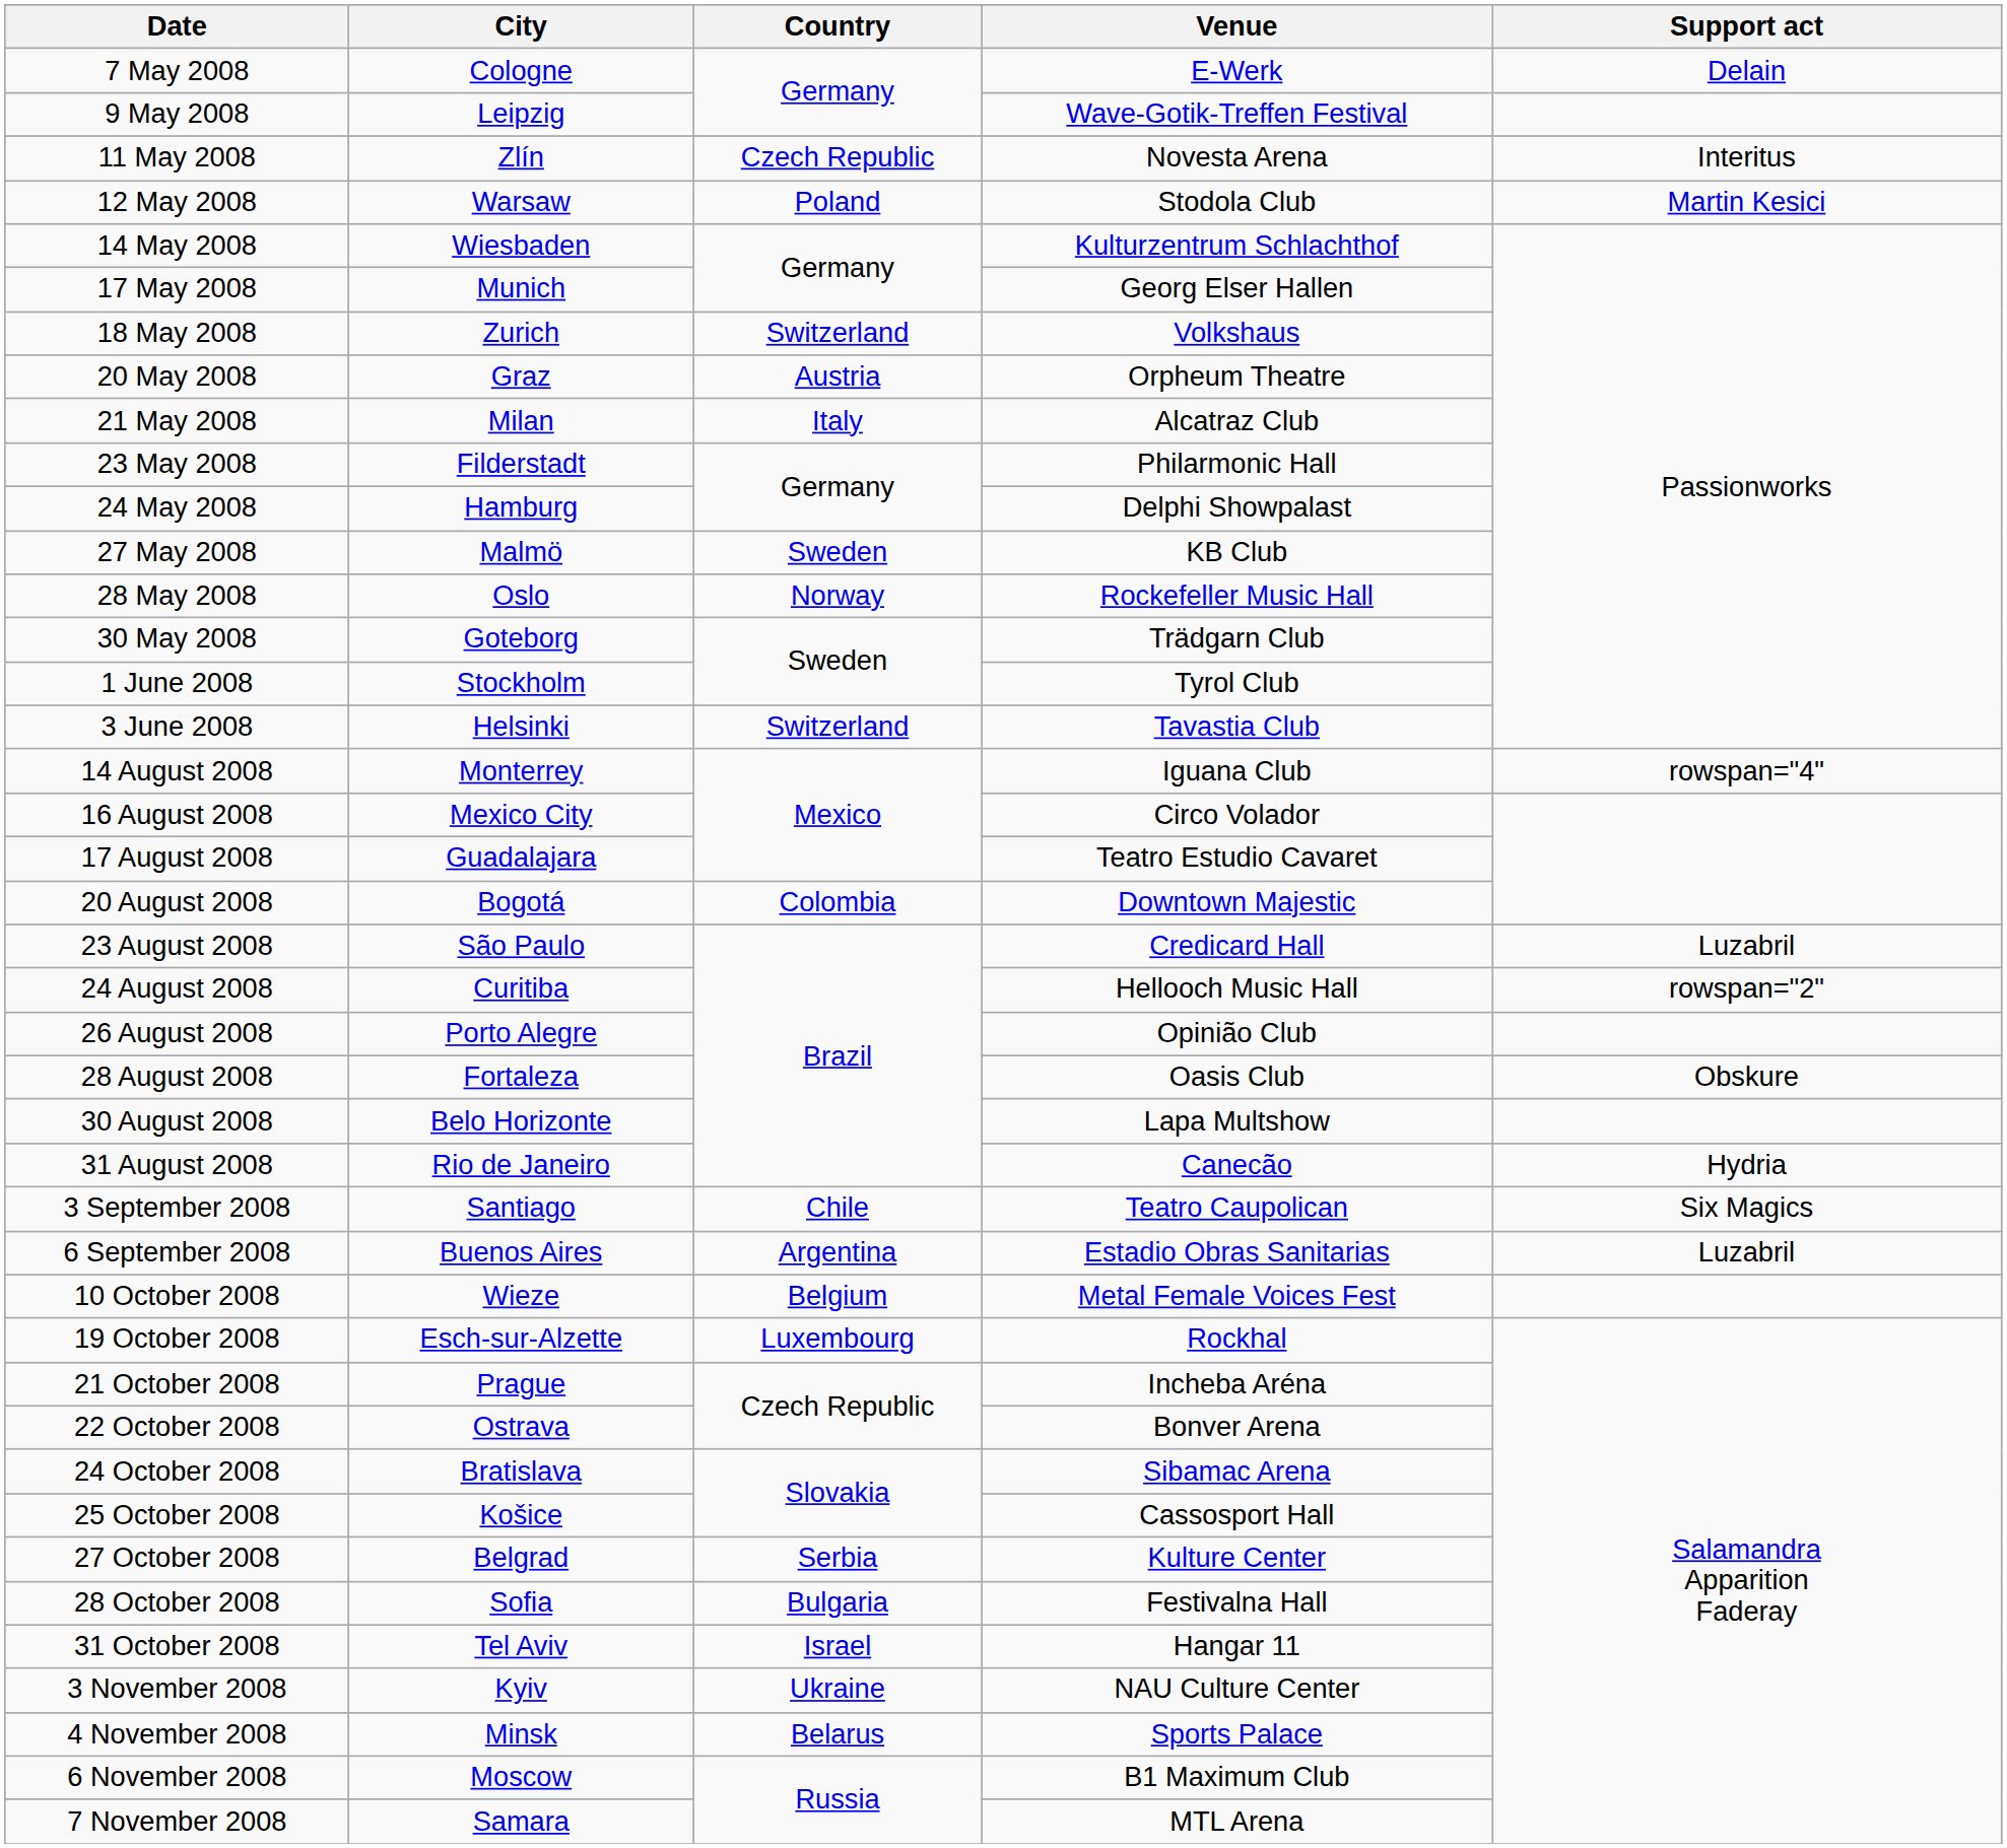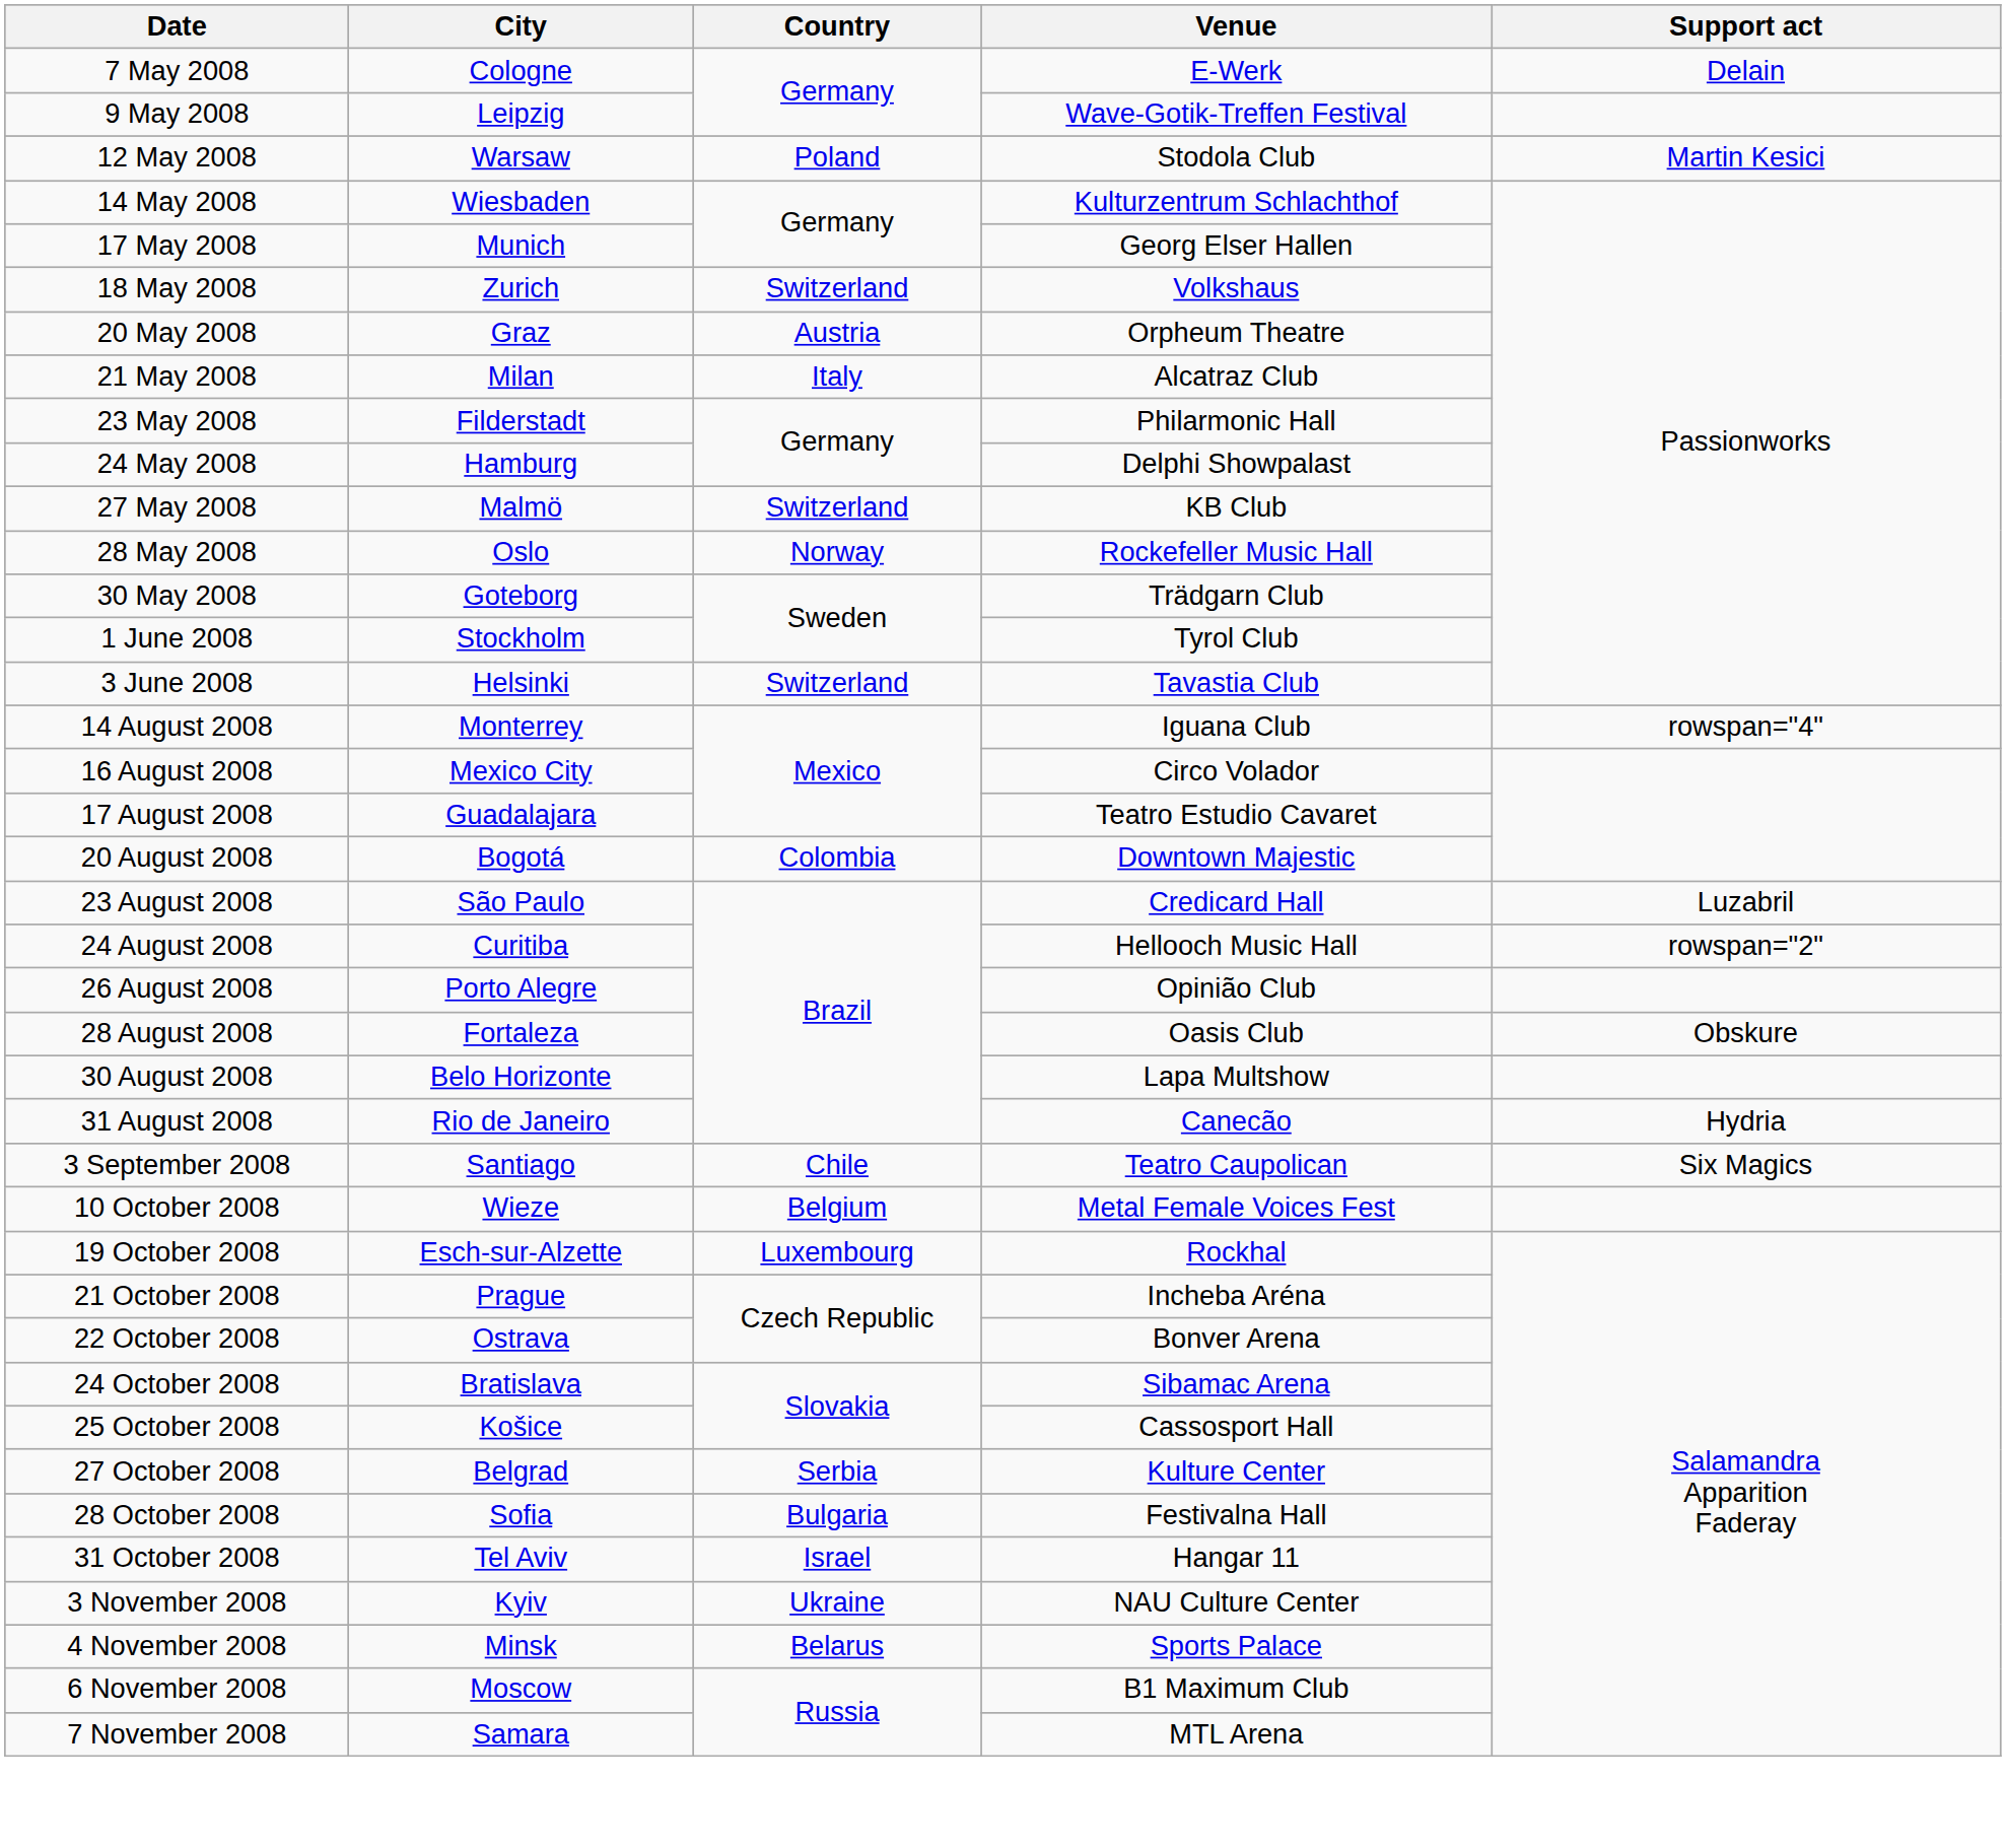 <table class="wikitable plainrowheaders" style="text-align:center;">
 <tr>
 <th scope="col" style="width:12em;">Date</th>
 <th scope="col" style="width:12em;">City</th>
 <th scope="col" style="width:10em;">Country</th>
 <th scope="col" style="width:18em;">Venue</th>
 <th scope="col" style="width:18em;">Support act</th>
 </tr>
 <tr>
 <td style="text-align:center">7 May 2008</td>
 <td style="text-align:center"><a href='#'>Cologne</a></td>
 <td style="text-align:center" rowspan="2"><a href='#'>Germany</a></td>
 <td style="text-align:center"><a href='#'>E-Werk</a></td>
 <td style="text-align:center"><a href='#'>Delain</a></td>
 </tr>
 <tr>
 <td style="text-align:center">9 May 2008</td>
 <td style="text-align:center"><a href='#'>Leipzig</a></td>
 <td style="text-align:center"><a href='#'>Wave-Gotik-Treffen Festival</a></td>
 <td></td>
-</tr>
-<tr>
-<td style="text-align:center">11 May 2008</td>
-<td style="text-align:center"><a href='#'>Zlín</a></td>
-<td style="text-align:center"><a href='#'>Czech Republic</a></td>
-<td style="text-align:center">Novesta Arena</td>
-<td style="text-align:center">Interitus</td>
 </tr>
 <tr>
 <td style="text-align:center">12 May 2008</td>
 <td style="text-align:center"><a href='#'>Warsaw</a></td>
 <td style="text-align:center"><a href='#'>Poland</a></td>
 <td style="text-align:center">Stodola Club</td>
 <td style="text-align:center"><a href='#'>Martin Kesici</a></td>
 </tr>
 <tr>
 <td style="text-align:center">14 May 2008</td>
 <td style="text-align:center"><a href='#'>Wiesbaden</a></td>
 <td style="text-align:center" rowspan="2">Germany</td>
 <td style="text-align:center"><a href='#'>Kulturzentrum Schlachthof</a></td>
 <td style="text-align:center" rowspan="12">Passionworks<br></td>
 </tr>
 <tr>
 <td style="text-align:center">17 May 2008</td>
 <td style="text-align:center"><a href='#'>Munich</a></td>
 <td style="text-align:center">Georg Elser Hallen</td>
 </tr>
 <tr>
 <td style="text-align:center">18 May 2008</td>
 <td style="text-align:center"><a href='#'>Zurich</a></td>
 <td style="text-align:center"><a href='#'>Switzerland</a></td>
 <td style="text-align:center"><a href='#'>Volkshaus</a></td>
 </tr>
 <tr>
 <td style="text-align:center">20 May 2008</td>
 <td style="text-align:center"><a href='#'>Graz</a></td>
 <td style="text-align:center"><a href='#'>Austria</a></td>
 <td style="text-align:center">Orpheum Theatre</td>
 </tr>
 <tr>
 <td style="text-align:center">21 May 2008</td>
 <td style="text-align:center"><a href='#'>Milan</a></td>
 <td style="text-align:center"><a href='#'>Italy</a></td>
 <td style="text-align:center">Alcatraz Club</td>
 </tr>
 <tr>
 <td style="text-align:center">23 May 2008</td>
 <td style="text-align:center"><a href='#'>Filderstadt</a></td>
 <td style="text-align:center" rowspan="2">Germany</td>
 <td style="text-align:center">Philarmonic Hall</td>
 </tr>
 <tr>
 <td style="text-align:center">24 May 2008</td>
 <td style="text-align:center"><a href='#'>Hamburg</a></td>
 <td style="text-align:center">Delphi Showpalast</td>
 </tr>
 <tr>
 <td style="text-align:center">27 May 2008</td>
 <td style="text-align:center"><a href='#'>Malmö</a></td>
-<td style="text-align:center"><a href='#'>Sweden</a></td>
+<td style="text-align:center"><a href='#'>Switzerland</a></td>
 <td style="text-align:center">KB Club</td>
 </tr>
 <tr>
 <td style="text-align:center">28 May 2008</td>
 <td style="text-align:center"><a href='#'>Oslo</a></td>
 <td style="text-align:center"><a href='#'>Norway</a></td>
 <td style="text-align:center"><a href='#'>Rockefeller Music Hall</a></td>
 </tr>
 <tr>
 <td style="text-align:center">30 May 2008</td>
 <td style="text-align:center"><a href='#'>Goteborg</a></td>
 <td style="text-align:center" rowspan="2">Sweden</td>
 <td style="text-align:center">Trädgarn Club</td>
 </tr>
 <tr>
 <td style="text-align:center">1 June 2008</td>
 <td style="text-align:center"><a href='#'>Stockholm</a></td>
 <td style="text-align:center">Tyrol Club</td>
 </tr>
 <tr>
 <td style="text-align:center">3 June 2008</td>
 <td style="text-align:center"><a href='#'>Helsinki</a></td>
 <td style="text-align:center"><a href='#'>Switzerland</a></td>
 <td style="text-align:center"><a href='#'>Tavastia Club</a></td>
 </tr>
 <tr>
 <td style="text-align:center">14 August 2008</td>
 <td style="text-align:center"><a href='#'>Monterrey</a></td>
 <td style="text-align:center" rowspan="3"><a href='#'>Mexico</a></td>
 <td style="text-align:center">Iguana Club</td>
 <td>rowspan="4" </td>
 </tr>
 <tr>
 <td style="text-align:center">16 August 2008</td>
 <td style="text-align:center"><a href='#'>Mexico City</a></td>
 <td style="text-align:center">Circo Volador</td>
 </tr>
 <tr>
 <td style="text-align:center">17 August 2008</td>
 <td style="text-align:center"><a href='#'>Guadalajara</a></td>
 <td style="text-align:center">Teatro Estudio Cavaret</td>
 </tr>
 <tr>
 <td style="text-align:center">20 August 2008</td>
 <td style="text-align:center"><a href='#'>Bogotá</a></td>
 <td style="text-align:center"><a href='#'>Colombia</a></td>
 <td style="text-align:center"><a href='#'>Downtown Majestic</a></td>
 </tr>
 <tr>
 <td style="text-align:center">23 August 2008</td>
 <td style="text-align:center"><a href='#'>São Paulo</a></td>
 <td style="text-align:center" rowspan="6"><a href='#'>Brazil</a></td>
 <td style="text-align:center"><a href='#'>Credicard Hall</a></td>
 <td style="text-align:center">Luzabril</td>
 </tr>
 <tr>
 <td style="text-align:center">24 August 2008</td>
 <td style="text-align:center"><a href='#'>Curitiba</a></td>
 <td style="text-align:center">Hellooch Music Hall</td>
 <td>rowspan="2" </td>
 </tr>
 <tr>
 <td style="text-align:center">26 August 2008</td>
 <td style="text-align:center"><a href='#'>Porto Alegre</a></td>
 <td style="text-align:center">Opinião Club</td>
 </tr>
 <tr>
 <td style="text-align:center">28 August 2008</td>
 <td style="text-align:center"><a href='#'>Fortaleza</a></td>
 <td style="text-align:center">Oasis Club</td>
 <td style="text-align:center">Obskure</td>
 </tr>
 <tr>
 <td style="text-align:center">30 August 2008</td>
 <td style="text-align:center"><a href='#'>Belo Horizonte</a></td>
 <td style="text-align:center">Lapa Multshow</td>
 <td></td>
 </tr>
 <tr>
 <td style="text-align:center">31 August 2008</td>
 <td style="text-align:center"><a href='#'>Rio de Janeiro</a></td>
 <td style="text-align:center"><a href='#'>Canecão</a></td>
 <td style="text-align:center">Hydria</td>
 </tr>
 <tr>
 <td style="text-align:center">3 September 2008</td>
 <td style="text-align:center"><a href='#'>Santiago</a></td>
 <td style="text-align:center"><a href='#'>Chile</a></td>
 <td style="text-align:center"><a href='#'>Teatro Caupolican</a></td>
 <td style="text-align:center">Six Magics</td>
 </tr>
 <tr>
-<td style="text-align:center">6 September 2008</td>
-<td style="text-align:center"><a href='#'>Buenos Aires</a></td>
-<td style="text-align:center"><a href='#'>Argentina</a></td>
-<td style="text-align:center"><a href='#'>Estadio Obras Sanitarias</a></td>
-<td style="text-align:center">Luzabril</td>
-</tr>
-<tr>
 <td style="text-align:center">10 October 2008</td>
 <td style="text-align:center"><a href='#'>Wieze</a></td>
 <td style="text-align:center"><a href='#'>Belgium</a></td>
 <td style="text-align:center"><a href='#'>Metal Female Voices Fest</a></td>
 <td></td>
 </tr>
 <tr>
 <td style="text-align:center">19 October 2008</td>
 <td style="text-align:center"><a href='#'>Esch-sur-Alzette</a></td>
 <td style="text-align:center"><a href='#'>Luxembourg</a></td>
 <td style="text-align:center"><a href='#'>Rockhal</a></td>
 <td style="text-align:center" rowspan="12"><a href='#'>Salamandra</a><br>Apparition<br>Faderay<br></td>
 </tr>
 <tr>
 <td style="text-align:center">21 October 2008</td>
 <td style="text-align:center"><a href='#'>Prague</a></td>
 <td style="text-align:center" rowspan="2">Czech Republic</td>
 <td style="text-align:center">Incheba Aréna</td>
 </tr>
 <tr>
 <td style="text-align:center">22 October 2008</td>
 <td style="text-align:center"><a href='#'>Ostrava</a></td>
 <td style="text-align:center">Bonver Arena</td>
 </tr>
 <tr>
 <td style="text-align:center">24 October 2008</td>
 <td style="text-align:center"><a href='#'>Bratislava</a></td>
 <td style="text-align:center" rowspan="2"><a href='#'>Slovakia</a></td>
 <td style="text-align:center"><a href='#'>Sibamac Arena</a></td>
 </tr>
 <tr>
 <td style="text-align:center">25 October 2008</td>
 <td style="text-align:center"><a href='#'>Košice</a></td>
 <td style="text-align:center">Cassosport Hall</td>
 </tr>
 <tr>
 <td style="text-align:center">27 October 2008</td>
 <td style="text-align:center"><a href='#'>Belgrad</a></td>
 <td style="text-align:center"><a href='#'>Serbia</a></td>
 <td style="text-align:center"><a href='#'>Kulture Center</a></td>
 </tr>
 <tr>
 <td style="text-align:center">28 October 2008</td>
 <td style="text-align:center"><a href='#'>Sofia</a></td>
 <td style="text-align:center"><a href='#'>Bulgaria</a></td>
 <td style="text-align:center">Festivalna Hall</td>
 </tr>
 <tr>
 <td style="text-align:center">31 October 2008</td>
 <td style="text-align:center"><a href='#'>Tel Aviv</a></td>
 <td style="text-align:center"><a href='#'>Israel</a></td>
 <td style="text-align:center">Hangar 11</td>
 </tr>
 <tr>
 <td style="text-align:center">3 November 2008</td>
 <td style="text-align:center"><a href='#'>Kyiv</a></td>
 <td style="text-align:center"><a href='#'>Ukraine</a></td>
 <td style="text-align:center">NAU Culture Center</td>
 </tr>
 <tr>
 <td style="text-align:center">4 November 2008</td>
 <td style="text-align:center"><a href='#'>Minsk</a></td>
 <td style="text-align:center"><a href='#'>Belarus</a></td>
 <td style="text-align:center"><a href='#'>Sports Palace</a></td>
 </tr>
 <tr>
 <td style="text-align:center">6 November 2008</td>
 <td style="text-align:center"><a href='#'>Moscow</a></td>
 <td style="text-align:center" rowspan="2"><a href='#'>Russia</a></td>
 <td style="text-align:center">B1 Maximum Club</td>
 </tr>
 <tr>
 <td style="text-align:center">7 November 2008</td>
 <td style="text-align:center"><a href='#'>Samara</a></td>
 <td style="text-align:center">MTL Arena</td>
 </tr>
 </table>
